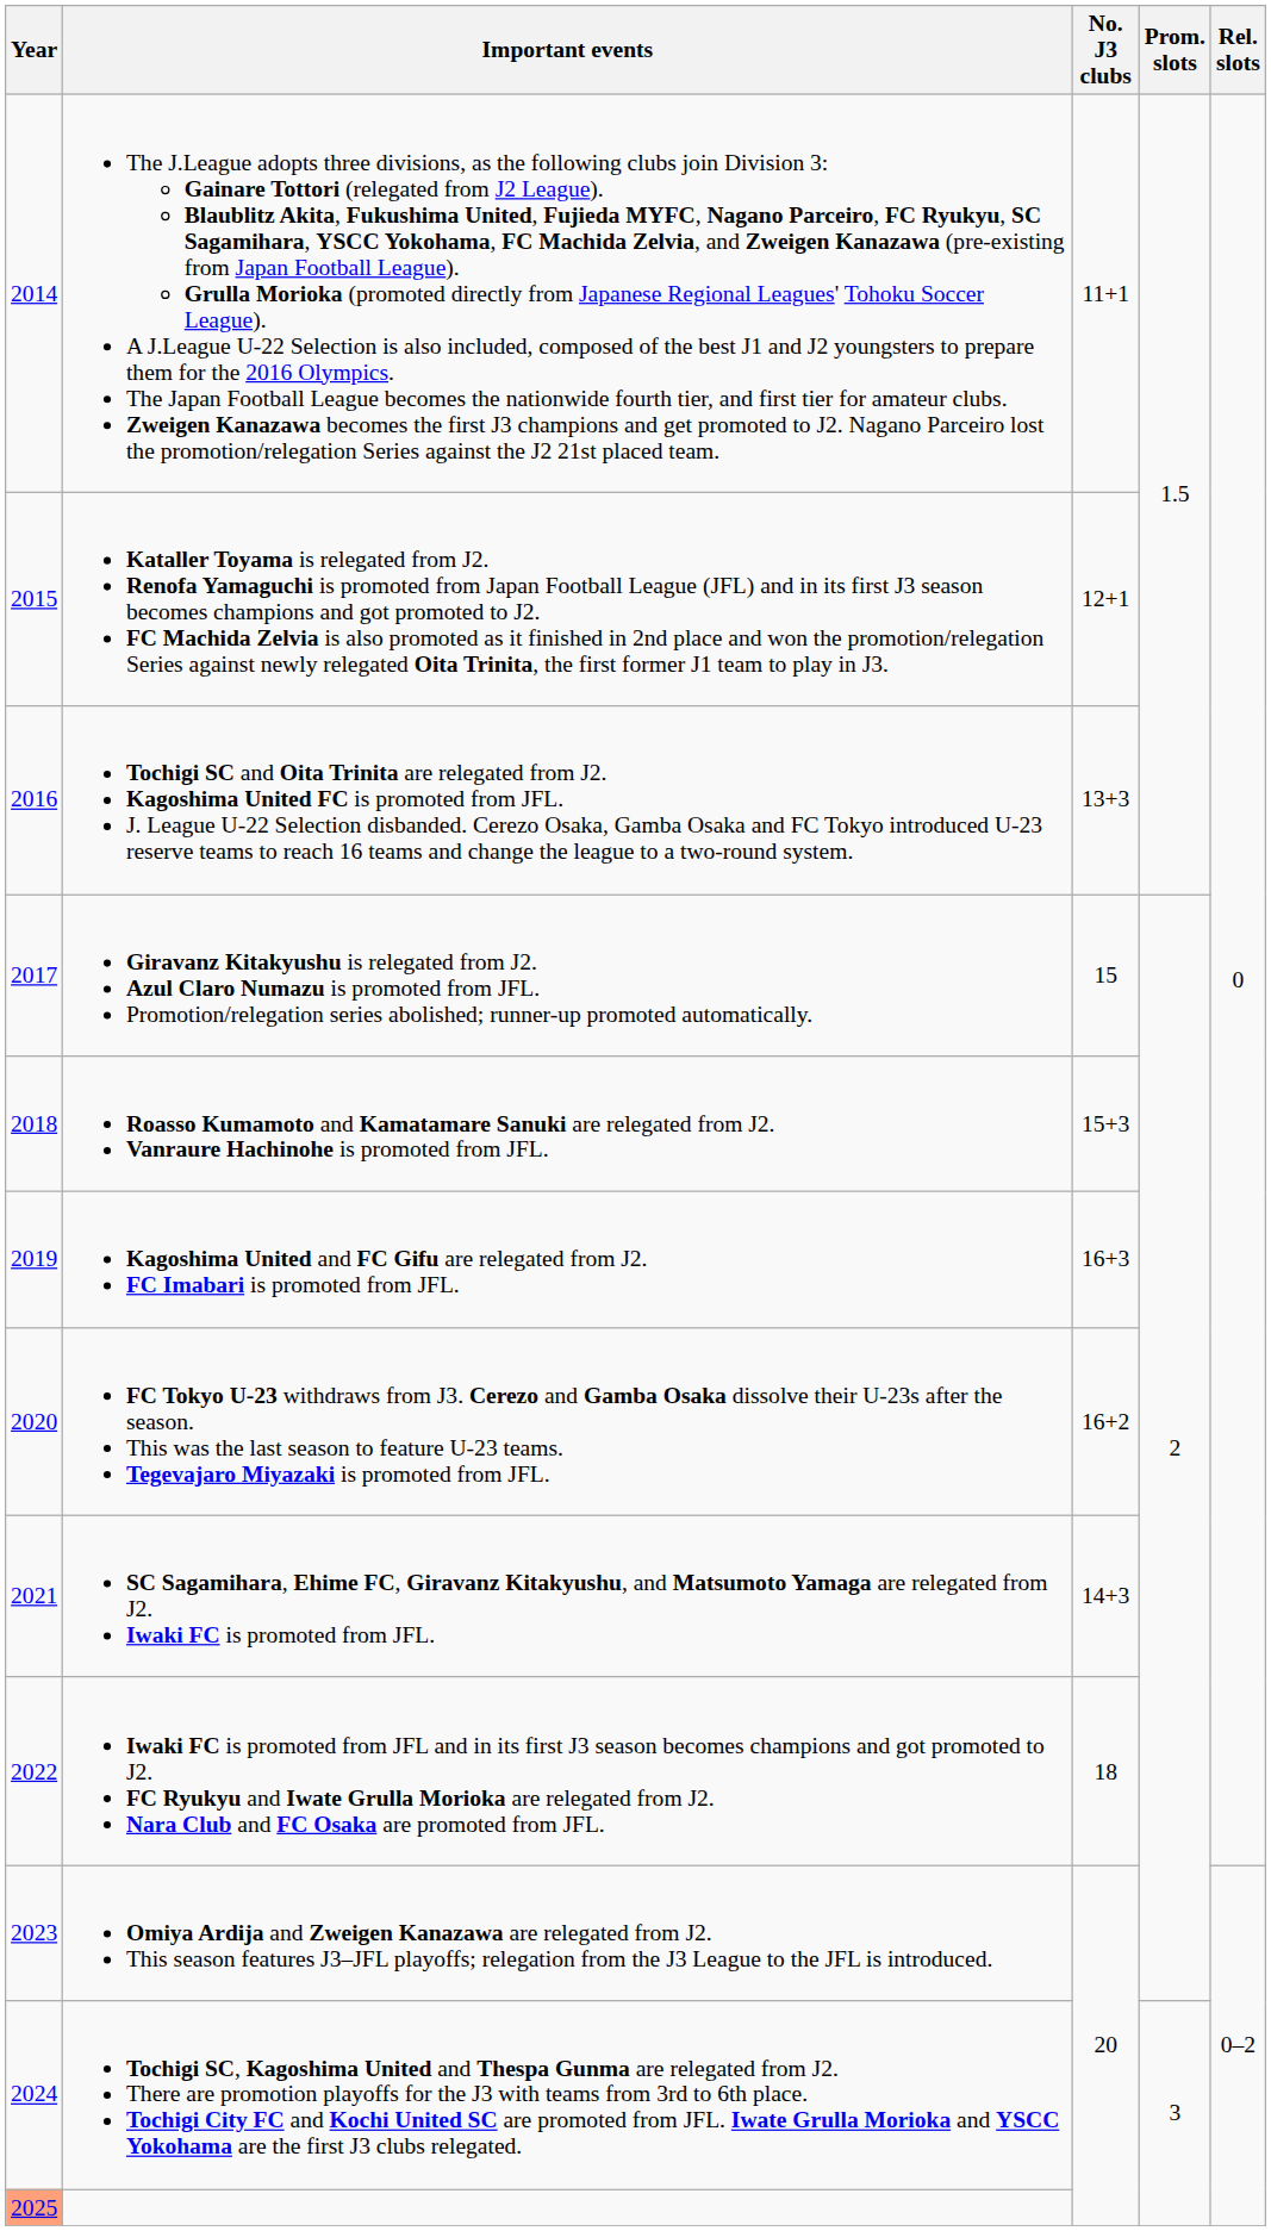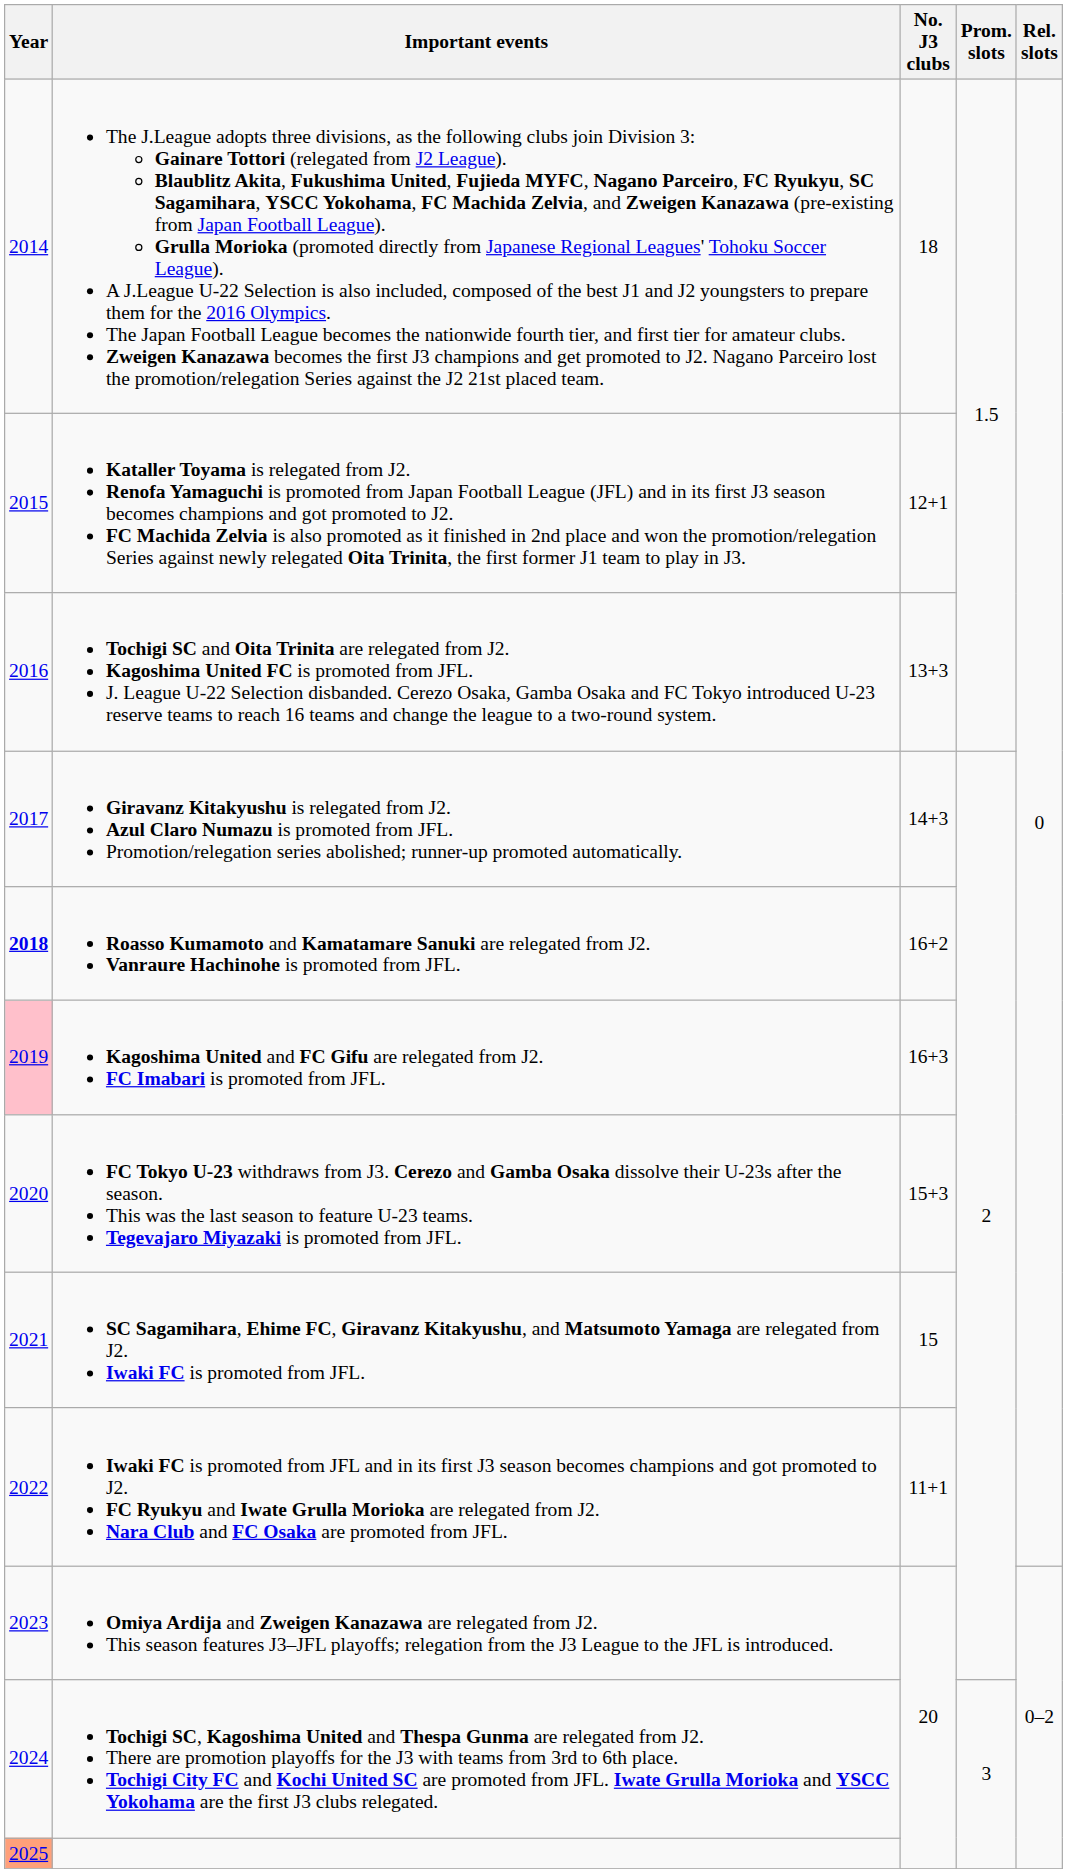 <table class="wikitable">
 <tr>
 <th>Year</th>
 <th>Important events</th>
 <th>No. J3<br>clubs</th>
 <th>Prom.<br>slots</th>
 <th>Rel.<br>slots</th>
 </tr>
 <tr>
 <td><a href='#'>2014</a></td>
 <td><br><ul><li>The J.League adopts three divisions, as the following clubs join Division 3:<ul><li><strong>Gainare Tottori</strong> (relegated from <a href='#'>J2 League</a>).</li><li><strong>Blaublitz Akita</strong>, <strong>Fukushima United</strong>, <strong>Fujieda MYFC</strong>, <strong>Nagano Parceiro</strong>, <strong>FC Ryukyu</strong>, <strong>SC Sagamihara</strong>, <strong>YSCC Yokohama</strong>, <strong>FC Machida Zelvia</strong>, and <strong>Zweigen Kanazawa</strong> (pre-existing from <a href='#'>Japan Football League</a>).</li><li><strong>Grulla Morioka</strong> (promoted directly from <a href='#'>Japanese Regional Leagues</a>' <a href='#'>Tohoku Soccer League</a>).</li></ul></li><li>A J.League U-22 Selection is also included, composed of the best J1 and J2 youngsters to prepare them for the <a href='#'>2016 Olympics</a>.</li><li>The Japan Football League becomes the nationwide fourth tier, and first tier for amateur clubs.</li><li><strong>Zweigen Kanazawa</strong> becomes the first J3 champions and get promoted to J2. Nagano Parceiro lost the promotion/relegation Series against the J2 21st placed team.</li></ul></td>
-<td align=center>11+1</td>
+<td align=center>18</td>
 <td rowspan="3" align=center>1.5</td>
 <td rowspan="9" align=center>0</td>
 </tr>
 <tr>
 <td><a href='#'>2015</a></td>
 <td><br><ul><li><strong>Kataller Toyama</strong> is relegated from J2.</li><li><strong>Renofa Yamaguchi</strong> is promoted from Japan Football League (JFL) and in its first J3 season becomes champions and got promoted to J2.</li><li><strong>FC Machida Zelvia</strong> is also promoted as it finished in 2nd place and won the promotion/relegation Series against newly relegated <strong>Oita Trinita</strong>, the first former J1 team to play in J3.</li></ul></td>
 <td align=center>12+1</td>
 </tr>
 <tr>
 <td><a href='#'>2016</a></td>
 <td><br><ul><li><strong>Tochigi SC</strong> and <strong>Oita Trinita</strong> are relegated from J2.</li><li><strong>Kagoshima United FC</strong> is promoted from JFL.</li><li>J. League U-22 Selection disbanded. Cerezo Osaka, Gamba Osaka and FC Tokyo introduced U-23 reserve teams to reach 16 teams and change the league to a two-round system.</li></ul></td>
 <td align=center>13+3</td>
 </tr>
 <tr>
 <td><a href='#'>2017</a></td>
 <td><br><ul><li><strong>Giravanz Kitakyushu</strong> is relegated from J2.</li><li><strong>Azul Claro Numazu</strong> is promoted from JFL.</li><li>Promotion/relegation series abolished; runner-up promoted automatically.</li></ul></td>
-<td align=center>15</td>
+<td align=center>14+3</td>
 <td rowspan="7" align=center>2</td>
 </tr>
 <tr>
-<td><a href='#'>2018</a></td>
+<td><strong><a href='#'>2018</a></strong></td>
 <td><br><ul><li><strong>Roasso Kumamoto</strong> and <strong>Kamatamare Sanuki</strong> are relegated from J2.</li><li><strong>Vanraure Hachinohe</strong> is promoted from JFL.</li></ul></td>
-<td align=center>15+3</td>
+<td align=center>16+2</td>
 </tr>
 <tr>
-<td><a href='#'>2019</a></td>
+<td style="background: pink;"><a href='#'>2019</a></td>
 <td><br><ul><li><strong>Kagoshima United</strong> and <strong>FC Gifu</strong> are relegated from J2.</li><li><strong><a href='#'>FC Imabari</a></strong> is promoted from JFL.</li></ul></td>
 <td align=center>16+3</td>
 </tr>
 <tr>
 <td><a href='#'>2020</a></td>
 <td><br><ul><li><strong>FC Tokyo U-23</strong> withdraws from J3. <strong>Cerezo</strong> and <strong>Gamba Osaka</strong> dissolve their U-23s after the season.</li><li>This was the last season to feature U-23 teams.</li><li><strong><a href='#'>Tegevajaro Miyazaki</a></strong> is promoted from JFL.</li></ul></td>
-<td align=center>16+2</td>
+<td align=center>15+3</td>
 </tr>
 <tr>
 <td><a href='#'>2021</a></td>
 <td><br><ul><li><strong>SC Sagamihara</strong>, <strong>Ehime FC</strong>, <strong>Giravanz Kitakyushu</strong>, and <strong>Matsumoto Yamaga</strong> are relegated from J2.</li><li><strong><a href='#'>Iwaki FC</a></strong> is promoted from JFL.</li></ul></td>
-<td align=center>14+3</td>
+<td align=center>15</td>
 </tr>
 <tr>
 <td><a href='#'>2022</a></td>
 <td><br><ul><li><strong>Iwaki FC</strong> is promoted from JFL and in its first J3 season becomes champions and got promoted to J2.</li><li><strong>FC Ryukyu</strong> and <strong>Iwate Grulla Morioka</strong> are relegated from J2.</li><li><strong><a href='#'>Nara Club</a></strong> and <strong><a href='#'>FC Osaka</a></strong> are promoted from JFL.</li></ul></td>
-<td align=center>18</td>
+<td align=center>11+1</td>
 </tr>
 <tr>
 <td><a href='#'>2023</a></td>
 <td><br><ul><li><strong>Omiya Ardija</strong> and <strong>Zweigen Kanazawa</strong> are relegated from J2.</li><li>This season features J3–JFL playoffs; relegation from the J3 League to the JFL is introduced.</li></ul></td>
 <td rowspan="3" align=center>20</td>
 <td rowspan="3" align=center>0–2</td>
 </tr>
 <tr>
 <td><a href='#'>2024</a></td>
 <td><br><ul><li><strong>Tochigi SC</strong>, <strong>Kagoshima United</strong> and <strong>Thespa Gunma</strong> are relegated from J2.</li><li>There are promotion playoffs for the J3 with teams from 3rd to 6th place.</li><li><strong><a href='#'>Tochigi City FC</a></strong> and <strong><a href='#'>Kochi United SC</a></strong> are promoted from JFL. <strong><a href='#'>Iwate Grulla Morioka</a></strong> and <strong><a href='#'>YSCC Yokohama</a></strong> are the first J3 clubs relegated.</li></ul></td>
 <td rowspan="2" align=center>3</td>
 </tr>
 <tr>
 <td style="background: lightsalmon;"><a href='#'>2025</a></td>
 <td></td>
 </tr>
 </table>
